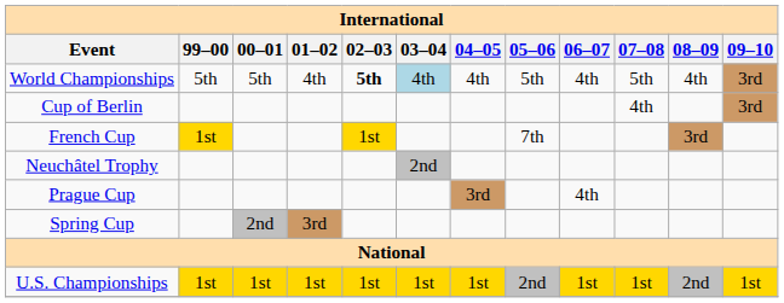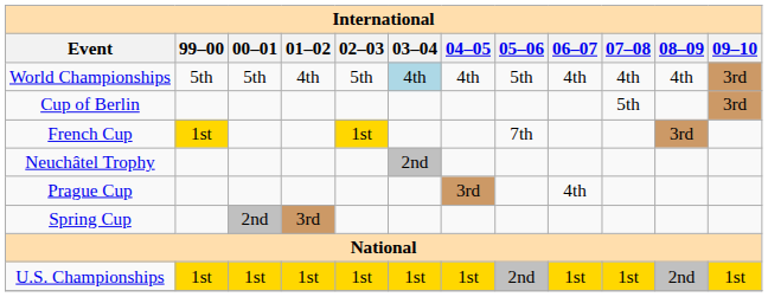 <table class="wikitable">
 <tr>
 <th style="background-color: #ffdead; " colspan="15" align=center><strong>International</strong></th>
 </tr>
 <tr>
 <th>Event</th>
 <th>99–00</th>
 <th>00–01</th>
 <th>01–02</th>
 <th>02–03</th>
 <th>03–04</th>
 <th><a href='#'>04–05</a></th>
 <th><a href='#'>05–06</a></th>
 <th><a href='#'>06–07</a></th>
 <th><a href='#'>07–08</a></th>
 <th><a href='#'>08–09</a></th>
 <th><a href='#'>09–10</a></th>
 </tr>
 <tr>
 <td align="center"><a href='#'>World Championships</a></td>
 <td 1999-00 align="center">5th</td>
 <td 2000-01 align="center">5th</td>
 <td 2001-02 align="center">4th</td>
-<td 2002-03 align="center"><strong>5th</strong></td>
+<td 2002-03 align="center">5th</td>
 <td 2003-04 align="center" style="background: lightblue;">4th</td>
 <td 2004-05 align="center">4th</td>
 <td 2005-06 align="center">5th</td>
 <td 2006-07 align="center">4th</td>
-<td 2007-08 align="center">5th</td>
+<td 2007-08 align="center">4th</td>
 <td 2008-09 align="center">4th</td>
 <td 2009-10 align="center" bgcolor="cc9966">3rd</td>
 </tr>
 <tr>
 <td align="center"><a href='#'>Cup of Berlin</a></td>
 <td 1999-00 align="center"></td>
 <td 2000-01 align="center"></td>
 <td 2001-02 align="center"></td>
 <td 2002-03 align="center"></td>
 <td 2003-04 align="center"></td>
 <td 2004-05 align="center"></td>
 <td 2005-06 align="center"></td>
 <td 2006-07 align="center"></td>
-<td 2007-08 align="center">4th</td>
+<td 2007-08 align="center">5th</td>
 <td 2008-09 align="center"></td>
 <td 2009-10 align="center" bgcolor="cc9966">3rd</td>
 </tr>
 <tr>
 <td align="center"><a href='#'>French Cup</a></td>
 <td 1999-00 align="center" bgcolor="gold">1st</td>
 <td 2000-01 align="center"></td>
 <td 2001-02 align="center"></td>
 <td 2002-03 align="center" bgcolor="gold">1st</td>
 <td 2003-04 align="center"></td>
 <td 2004-05 align="center"></td>
 <td 2005-06 align="center">7th</td>
 <td 2006-07 align="center"></td>
 <td 2007-08 align="center"></td>
 <td 2008-09 align="center" bgcolor="cc9966">3rd</td>
 <td 2009-10 align="center"></td>
 </tr>
 <tr>
 <td align="center"><a href='#'>Neuchâtel Trophy</a></td>
 <td 1999-00 align="center"></td>
 <td 2000-01 align="center"></td>
 <td 2001-02 align="center"></td>
 <td 2002-03 align="center"></td>
 <td 2003-04 align="center" bgcolor="silver">2nd</td>
 <td 2004-05 align="center"></td>
 <td 2005-06 align="center"></td>
 <td 2006-07 align="center"></td>
 <td 2007-08 align="center"></td>
 <td 2008-09 align="center"></td>
 <td 2009-10 align="center"></td>
 </tr>
 <tr>
 <td align="center"><a href='#'>Prague Cup</a></td>
 <td 1999-00 align="center"></td>
 <td 2000-01 align="center"></td>
 <td 2001-02 align="center"></td>
 <td 2002-03 align="center"></td>
 <td 2003-04 align="center"></td>
 <td 2004-05 align="center" bgcolor="cc9966">3rd</td>
 <td 2005-06 align="center"></td>
 <td 2006-07 align="center">4th</td>
 <td 2007-08 align="center"></td>
 <td 2008-09 align="center"></td>
 <td 2009-10 align="center"></td>
 </tr>
 <tr>
 <td align="center"><a href='#'>Spring Cup</a></td>
 <td 1999-00 align="center"></td>
 <td 2000-01 align="center" bgcolor="silver">2nd</td>
 <td 2001-02 align="center" bgcolor="cc9966">3rd</td>
 <td 2002-03 align="center"></td>
 <td 2003-04 align="center"></td>
 <td 2004-05 align="center"></td>
 <td 2005-06 align="center"></td>
 <td 2006-07 align="center"></td>
 <td 2007-08 align="center"></td>
 <td 2008-09 align="center"></td>
 <td 2009-10 align="center"></td>
 </tr>
 <tr>
 <th style="background-color: #ffdead; " colspan="15" align="center"><strong>National</strong></th>
 </tr>
 <tr>
 <td align="center"><a href='#'>U.S. Championships</a></td>
 <td 1999-00 align="center" bgcolor="gold">1st</td>
 <td 2000-01 align="center" bgcolor="gold">1st</td>
 <td 2001-02 align="center" bgcolor="gold">1st</td>
 <td 2002-03 align="center" bgcolor="gold">1st</td>
 <td 2003-04 align="center" bgcolor="gold">1st</td>
 <td 2004-05 align="center" bgcolor="gold">1st</td>
 <td 2005-06 align="center" bgcolor="silver">2nd</td>
 <td 2006-07 align="center" bgcolor="gold">1st</td>
 <td 2007-08 align="center" bgcolor="gold">1st</td>
 <td 2008-09 align="center" bgcolor="silver">2nd</td>
 <td 2009-10 align="center" bgcolor="gold">1st</td>
 </tr>
 <tr>
 </tr>
 </table>
